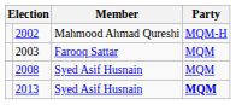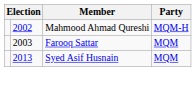 <table class="wikitable">
 <tr>
 <th colspan="2">Election</th>
 <th>Member</th>
 <th>Party</th>
 </tr>
 <tr>
 <td style="background-color: "></td>
 <td><a href='#'>2002</a></td>
 <td>Mahmood Ahmad Qureshi</td>
 <td><a href='#'>MQM-H</a></td>
 </tr>
 <tr>
 <td style="background-color: "></td>
 <td>2003</td>
 <td><a href='#'>Farooq Sattar</a></td>
 <td><a href='#'>MQM</a></td>
 </tr>
 <tr>
 <td style="background-color: "></td>
-<td><a href='#'>2008</a></td>
+<td><a href='#'>2013</a></td>
 <td><a href='#'>Syed Asif Husnain</a></td>
 <td><a href='#'>MQM</a></td>
 </tr>
-<tr>
-<td style="background-color: "></td>
-<td><a href='#'>2013</a></td>
-<td><a href='#'>Syed Asif Husnain</a></td>
-<td><strong><a href='#'>MQM</a></strong></td>
-</tr>
 </table>
